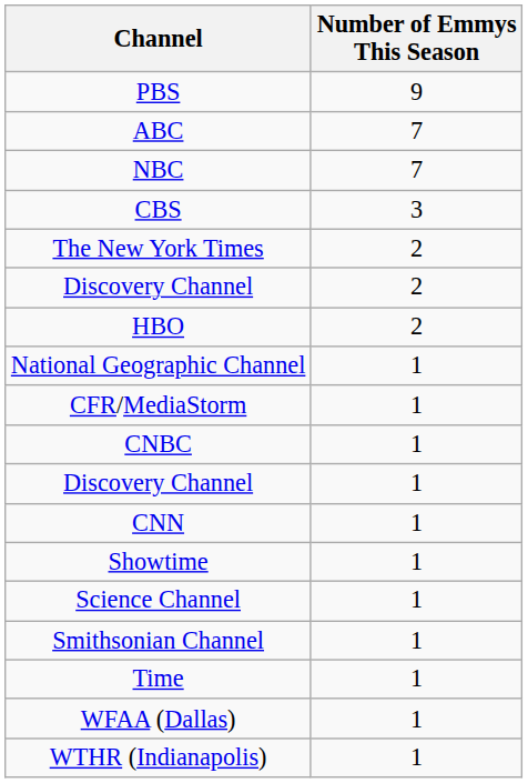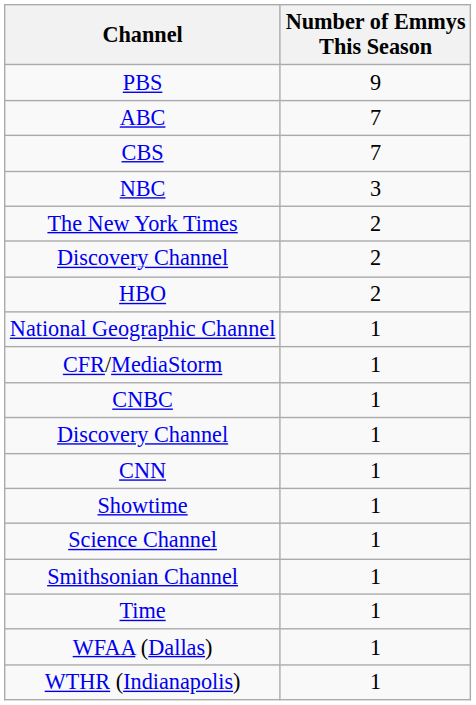 <table class="sortable wikitable" style="text-align: center;">
 <tr>
 <th>Channel</th>
 <th>Number of Emmys <br>This Season</th>
 </tr>
 <tr>
 <td><a href='#'>PBS</a></td>
 <td>9</td>
 </tr>
 <tr>
 <td><a href='#'>ABC</a></td>
 <td>7</td>
 </tr>
 <tr>
-<td><a href='#'>NBC</a></td>
+<td><a href='#'>CBS</a></td>
 <td>7</td>
 </tr>
 <tr>
-<td><a href='#'>CBS</a></td>
+<td><a href='#'>NBC</a></td>
 <td>3</td>
 </tr>
 <tr>
 <td><a href='#'>The New York Times</a></td>
 <td>2</td>
 </tr>
 <tr>
 <td><a href='#'>Discovery Channel</a></td>
 <td>2</td>
 </tr>
 <tr>
 <td><a href='#'>HBO</a></td>
 <td>2</td>
 </tr>
 <tr>
 <td><a href='#'>National Geographic Channel</a></td>
 <td>1</td>
 </tr>
 <tr>
 <td><a href='#'>CFR</a>/<a href='#'>MediaStorm</a></td>
 <td>1</td>
 </tr>
 <tr>
 <td><a href='#'>CNBC</a></td>
 <td>1</td>
 </tr>
 <tr>
 <td><a href='#'>Discovery Channel</a></td>
 <td>1</td>
 </tr>
 <tr>
 <td><a href='#'>CNN</a></td>
 <td>1</td>
 </tr>
 <tr>
 <td><a href='#'>Showtime</a></td>
 <td>1</td>
 </tr>
 <tr>
 <td><a href='#'>Science Channel</a></td>
 <td>1</td>
 </tr>
 <tr>
 <td><a href='#'>Smithsonian Channel</a></td>
 <td>1</td>
 </tr>
 <tr>
 <td><a href='#'>Time</a></td>
 <td>1</td>
 </tr>
 <tr>
 <td><a href='#'>WFAA</a> (<a href='#'>Dallas</a>)</td>
 <td>1</td>
 </tr>
 <tr>
 <td><a href='#'>WTHR</a> (<a href='#'>Indianapolis</a>)</td>
 <td>1</td>
 </tr>
 </table>
